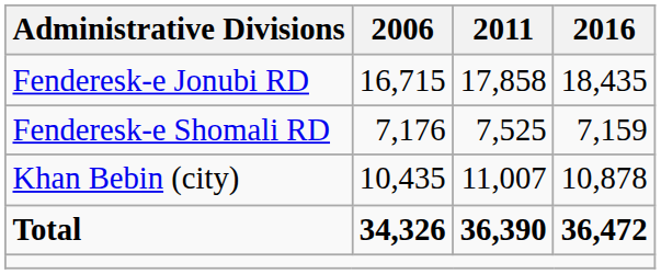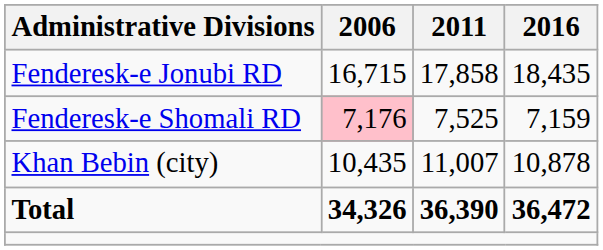 <table class="wikitable">
 <tr>
 <th>Administrative Divisions</th>
 <th>2006</th>
 <th>2011</th>
 <th>2016</th>
 </tr>
 <tr>
 <td><a href='#'>Fenderesk-e Jonubi RD</a></td>
 <td style="text-align: right;">16,715</td>
 <td style="text-align: right;">17,858</td>
 <td style="text-align: right;">18,435</td>
 </tr>
 <tr>
 <td><a href='#'>Fenderesk-e Shomali RD</a></td>
-<td style="text-align: right;">7,176</td>
+<td style="background: pink; text-align: right;">7,176</td>
 <td style="text-align: right;">7,525</td>
 <td style="text-align: right;">7,159</td>
 </tr>
 <tr>
 <td><a href='#'>Khan Bebin</a> (city)</td>
 <td style="text-align: right;">10,435</td>
 <td style="text-align: right;">11,007</td>
 <td style="text-align: right;">10,878</td>
 </tr>
 <tr>
 <td><strong>Total</strong></td>
 <td style="text-align: right;"><strong>34,326</strong></td>
 <td style="text-align: right;"><strong>36,390</strong></td>
 <td style="text-align: right;"><strong>36,472</strong></td>
 </tr>
 <tr>
 <td colspan=4></td>
 </tr>
 </table>
